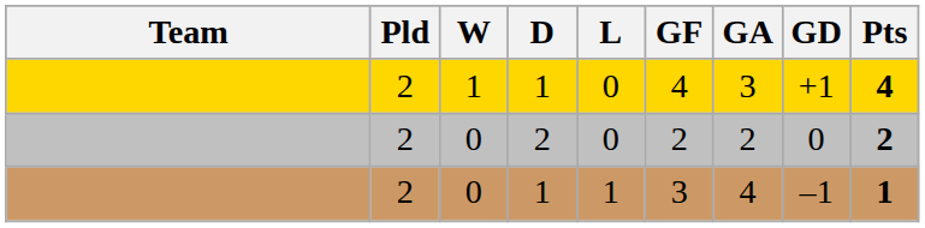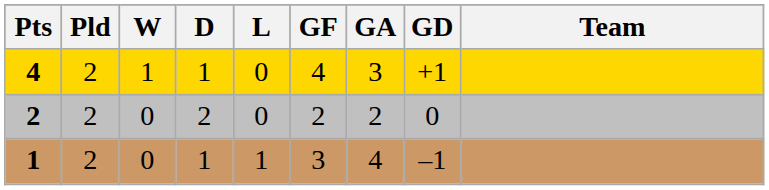 <table class="wikitable" style="text-align: center;">
 <tr>
-<th width=165>Team</th>
+<th width=25>Pts</th>
 <th width=25>Pld</th>
 <th width=25>W</th>
 <th width=25>D</th>
 <th width=25>L</th>
 <th width=25>GF</th>
 <th width=25>GA</th>
 <th width=25>GD</th>
-<th width=25>Pts</th>
+<th width=165>Team</th>
 </tr>
 <tr bgcolor=gold>
-<td align="left"></td>
+<td><strong>4</strong></td>
 <td>2</td>
 <td>1</td>
 <td>1</td>
 <td>0</td>
 <td>4</td>
 <td>3</td>
 <td>+1</td>
-<td><strong>4</strong></td>
+<td align="left"></td>
 </tr>
 <tr bgcolor=silver>
-<td align="left"></td>
+<td><strong>2</strong></td>
 <td>2</td>
 <td>0</td>
 <td>2</td>
 <td>0</td>
 <td>2</td>
 <td>2</td>
 <td>0</td>
-<td><strong>2</strong></td>
+<td align="left"></td>
 </tr>
 <tr bgcolor=#cc9966>
-<td align="left"></td>
+<td><strong>1</strong></td>
 <td>2</td>
 <td>0</td>
 <td>1</td>
 <td>1</td>
 <td>3</td>
 <td>4</td>
 <td>–1</td>
-<td><strong>1</strong></td>
+<td align="left"></td>
 </tr>
 </table>
